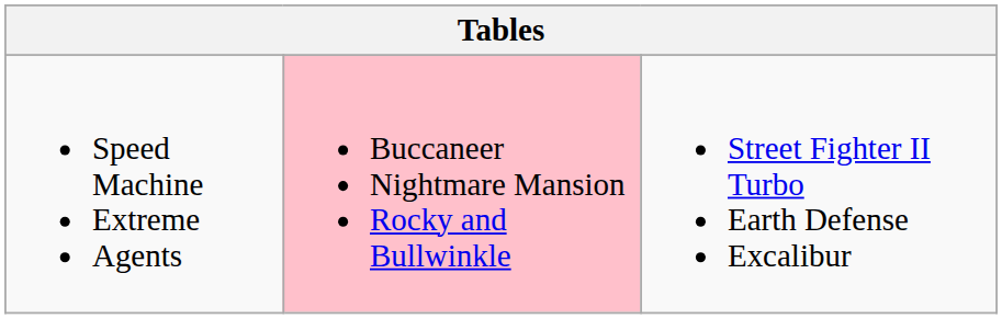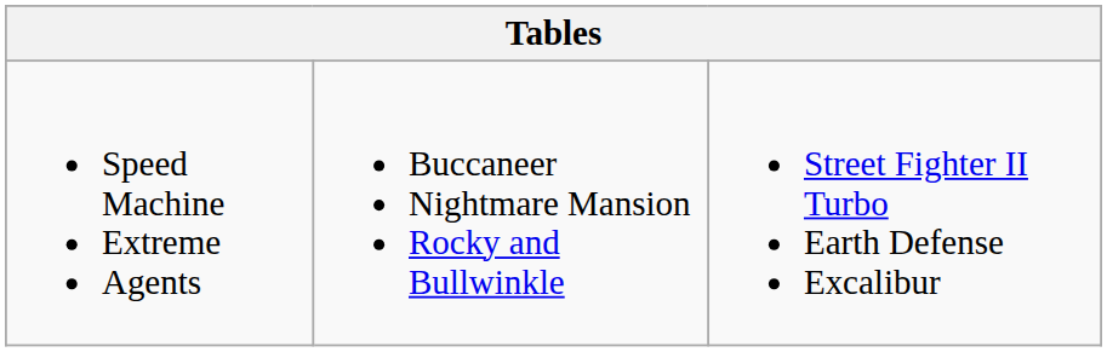 <table class="wikitable" width="500px">
 <tr>
 <th colspan="3">Tables</th>
 </tr>
 <tr>
 <td><br><ul><li>Speed Machine</li><li>Extreme</li><li>Agents</li></ul></td>
-<td style="background: pink;"><br><ul><li>Buccaneer</li><li>Nightmare Mansion</li><li><a href='#'>Rocky and Bullwinkle</a></li></ul></td>
+<td><br><ul><li>Buccaneer</li><li>Nightmare Mansion</li><li><a href='#'>Rocky and Bullwinkle</a></li></ul></td>
 <td><br><ul><li><a href='#'>Street Fighter II Turbo</a></li><li>Earth Defense</li><li>Excalibur</li></ul></td>
 </tr>
 </table>
